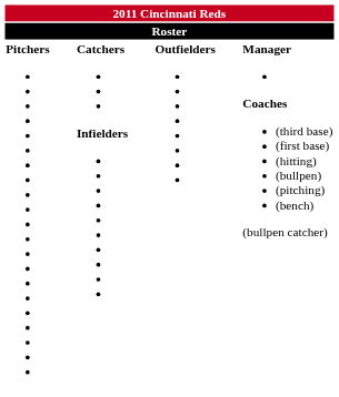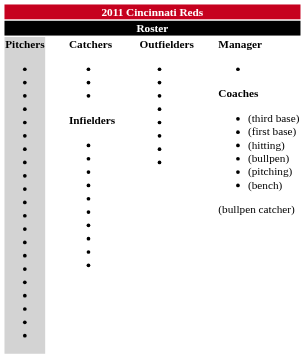 <table class="toccolours" style="font-size: 95%;">
 <tr>
 <th colspan="10" style="background-color: #c6011f; color: #FFFFFF; text-align: center;">2011 Cincinnati Reds</th>
 </tr>
 <tr>
 <td colspan="10" style="background-color: black; color: #FFFFFF; text-align: center;"><strong>Roster</strong></td>
 </tr>
 <tr>
-<td valign="top"><strong>Pitchers</strong><br><ul><li></li><li></li><li></li><li></li><li></li><li></li><li></li><li></li><li></li><li></li><li></li><li></li><li></li><li></li><li></li><li></li><li></li><li></li><li></li><li></li><li></li></ul></td>
+<td valign="top" style="background: lightgrey;"><strong>Pitchers</strong><br><ul><li></li><li></li><li></li><li></li><li></li><li></li><li></li><li></li><li></li><li></li><li></li><li></li><li></li><li></li><li></li><li></li><li></li><li></li><li></li><li></li><li></li></ul></td>
 <td width="25px"></td>
 <td valign="top"><strong>Catchers</strong><br><ul><li></li><li></li><li></li></ul><strong>Infielders</strong><ul><li></li><li></li><li></li><li></li><li></li><li></li><li></li><li></li><li></li><li></li></ul></td>
 <td width="25px"></td>
 <td valign="top"><strong>Outfielders</strong><br><ul><li></li><li></li><li></li><li></li><li></li><li></li><li></li><li></li></ul></td>
 <td width="25px"></td>
 <td valign="top"><strong>Manager</strong><br><ul><li></li></ul><strong>Coaches</strong><ul><li> (third base)</li><li> (first base)</li><li> (hitting)</li><li> (bullpen)</li><li> (pitching)</li><li> (bench)</li></ul> (bullpen catcher)</td>
 </tr>
 </table>
